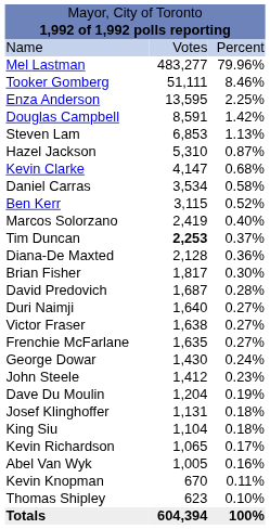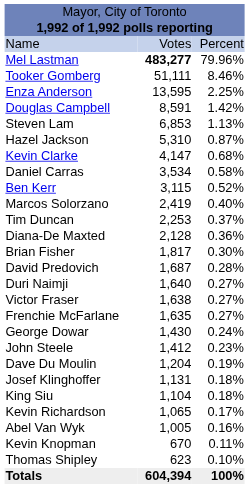 <table align="center" width="300" border="0" cellpadding="1" cellspacing="0">
 <tr>
 <td colspan="3" bgcolor="#6E83BA" align="center">Mayor, City of Toronto</td>
 </tr>
 <tr>
 <td colspan="3" bgcolor="#6E83BA" align="center"><strong>1,992 of 1,992 polls reporting</strong></td>
 </tr>
 <tr>
 <td bgcolor="#C5D2EB">Name</td>
 <td align="right" bgcolor="#C5D2EB">Votes</td>
 <td align="right" bgcolor="#C5D2EB">Percent</td>
 </tr>
 <tr>
 <td><a href='#'>Mel Lastman</a></td>
-<td align="right">483,277</td>
+<td align="right"><strong>483,277</strong></td>
 <td align="right">79.96%</td>
 </tr>
 <tr>
 <td><a href='#'>Tooker Gomberg</a></td>
 <td align="right">51,111</td>
 <td align="right">8.46%</td>
 </tr>
 <tr>
 <td><a href='#'>Enza Anderson</a></td>
 <td align="right">13,595</td>
 <td align="right">2.25%</td>
 </tr>
 <tr>
 <td><a href='#'>Douglas Campbell</a></td>
 <td align="right">8,591</td>
 <td align="right">1.42%</td>
 </tr>
 <tr>
 <td>Steven Lam</td>
 <td align="right">6,853</td>
 <td align="right">1.13%</td>
 </tr>
 <tr>
 <td>Hazel Jackson</td>
 <td align="right">5,310</td>
 <td align="right">0.87%</td>
 </tr>
 <tr>
 <td><a href='#'>Kevin Clarke</a></td>
 <td align="right">4,147</td>
 <td align="right">0.68%</td>
 </tr>
 <tr>
 <td>Daniel Carras</td>
 <td align="right">3,534</td>
 <td align="right">0.58%</td>
 </tr>
 <tr>
 <td><a href='#'>Ben Kerr</a></td>
 <td align="right">3,115</td>
 <td align="right">0.52%</td>
 </tr>
 <tr>
 <td>Marcos Solorzano</td>
 <td align="right">2,419</td>
 <td align="right">0.40%</td>
 </tr>
 <tr>
 <td>Tim Duncan</td>
-<td align="right"><strong>2,253</strong></td>
+<td align="right">2,253</td>
 <td align="right">0.37%</td>
 </tr>
 <tr>
 <td>Diana-De Maxted</td>
 <td align="right">2,128</td>
 <td align="right">0.36%</td>
 </tr>
 <tr>
 <td>Brian Fisher</td>
 <td align="right">1,817</td>
 <td align="right">0.30%</td>
 </tr>
 <tr>
 <td>David Predovich</td>
 <td align="right">1,687</td>
 <td align="right">0.28%</td>
 </tr>
 <tr>
 <td>Duri Naimji</td>
 <td align="right">1,640</td>
 <td align="right">0.27%</td>
 </tr>
 <tr>
 <td>Victor Fraser</td>
 <td align="right">1,638</td>
 <td align="right">0.27%</td>
 </tr>
 <tr>
 <td>Frenchie McFarlane</td>
 <td align="right">1,635</td>
 <td align="right">0.27%</td>
 </tr>
 <tr>
 <td>George Dowar</td>
 <td align="right">1,430</td>
 <td align="right">0.24%</td>
 </tr>
 <tr>
 <td>John Steele</td>
 <td align="right">1,412</td>
 <td align="right">0.23%</td>
 </tr>
 <tr>
 <td>Dave Du Moulin</td>
 <td align="right">1,204</td>
 <td align="right">0.19%</td>
 </tr>
 <tr>
 <td>Josef Klinghoffer</td>
 <td align="right">1,131</td>
 <td align="right">0.18%</td>
 </tr>
 <tr>
 <td>King Siu</td>
 <td align="right">1,104</td>
 <td align="right">0.18%</td>
 </tr>
 <tr>
 <td>Kevin Richardson</td>
 <td align="right">1,065</td>
 <td align="right">0.17%</td>
 </tr>
 <tr>
 <td>Abel Van Wyk</td>
 <td align="right">1,005</td>
 <td align="right">0.16%</td>
 </tr>
 <tr>
 <td>Kevin Knopman</td>
 <td align="right">670</td>
 <td align="right">0.11%</td>
 </tr>
 <tr>
 <td>Thomas Shipley</td>
 <td align="right">623</td>
 <td align="right">0.10%</td>
 </tr>
 <tr style="background:#eee;">
 <th style="text-align:left;">Totals</th>
 <th style="text-align:right;">604,394</th>
 <th style="text-align:right;">100%</th>
 </tr>
 </table>
